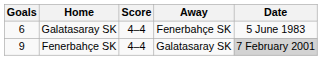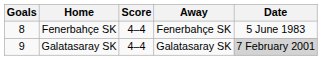 <table class="wikitable" style="text-align: center">
 <tr>
 <th>Goals</th>
 <th>Home</th>
 <th>Score</th>
 <th>Away</th>
 <th>Date</th>
 </tr>
 <tr>
-<td>6</td>
-<td>Galatasaray SK</td>
+<td>8</td>
+<td>Fenerbahçe SK</td>
 <td>4–4</td>
 <td>Fenerbahçe SK</td>
 <td>5 June 1983</td>
 </tr>
 <tr>
 <td>9</td>
-<td>Fenerbahçe SK</td>
+<td>Galatasaray SK</td>
 <td>4–4</td>
 <td>Galatasaray SK</td>
 <td style="background: lightgrey;">7 February 2001</td>
 </tr>
 </table>
